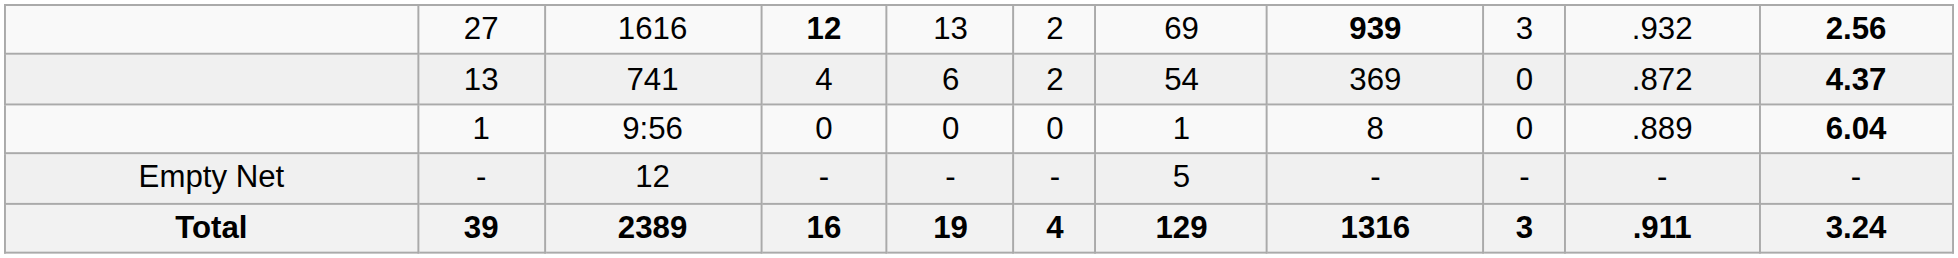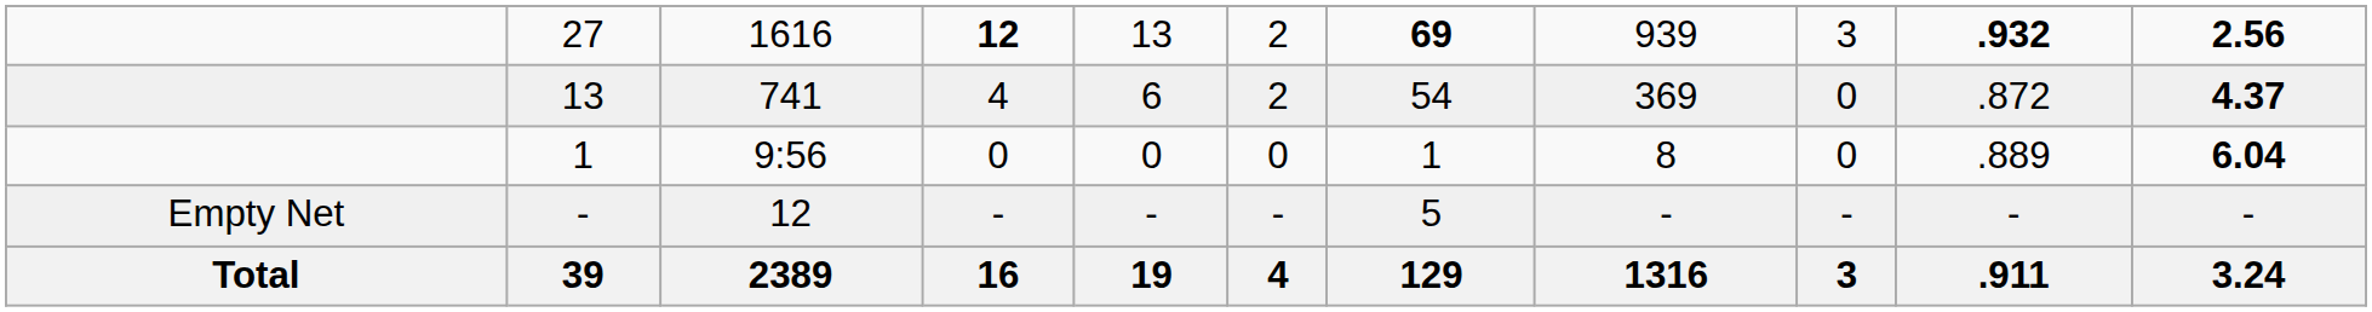 <table class="wikitable sortable" width ="1000">
 <tr align="center">
 </tr>
 <tr align="center" bgcolor="">
 <td></td>
 <td>27</td>
 <td>1616</td>
 <td><strong>12</strong></td>
 <td>13</td>
 <td>2</td>
-<td>69</td>
-<td><strong>939</strong></td>
+<td><strong>69</strong></td>
+<td>939</td>
 <td>3</td>
-<td>.932</td>
+<td><strong>.932</strong></td>
 <td><strong>2.56</strong></td>
 </tr>
 <tr align="center" bgcolor="f0f0f0">
 <td></td>
 <td>13</td>
 <td>741</td>
 <td>4</td>
 <td>6</td>
 <td>2</td>
 <td>54</td>
 <td>369</td>
 <td>0</td>
 <td>.872</td>
 <td><strong>4.37</strong></td>
 </tr>
 <tr align="center" bgcolor="">
 <td></td>
 <td>1</td>
 <td>9:56</td>
 <td>0</td>
 <td>0</td>
 <td>0</td>
 <td>1</td>
 <td>8</td>
 <td>0</td>
 <td>.889</td>
 <td><strong>6.04</strong></td>
 </tr>
 <tr align="center" bgcolor="f0f0f0">
 <td>Empty Net</td>
 <td>-</td>
 <td>12</td>
 <td>-</td>
 <td>-</td>
 <td>-</td>
 <td>5</td>
 <td>-</td>
 <td>-</td>
 <td>-</td>
 <td>-</td>
 </tr>
 <tr>
 <th>Total</th>
 <th>39</th>
 <th>2389</th>
 <th>16</th>
 <th>19</th>
 <th>4</th>
 <th>129</th>
 <th>1316</th>
 <th>3</th>
 <th>.911</th>
 <th>3.24</th>
 </tr>
 </table>
